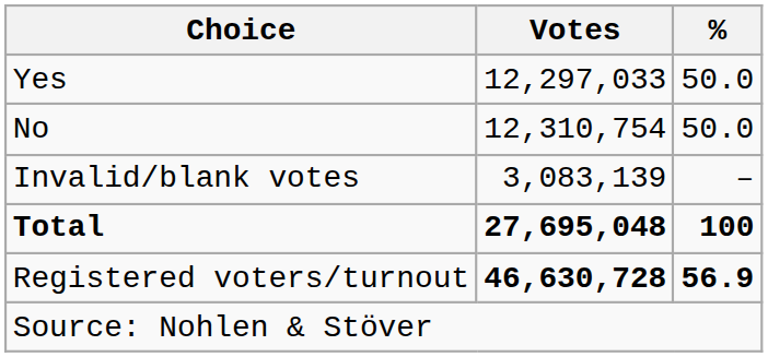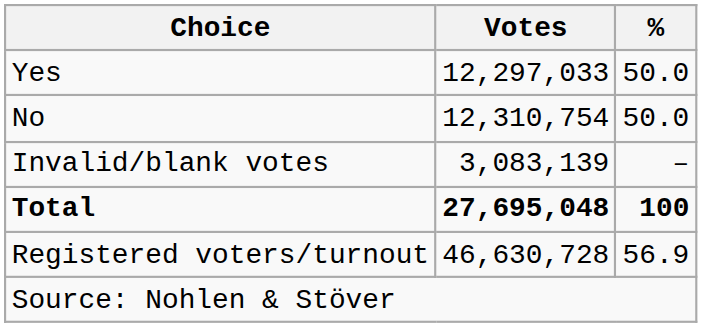 <table class=wikitable style=text-align:right>
 <tr>
 <th>Choice</th>
 <th>Votes</th>
 <th>%</th>
 </tr>
 <tr>
 <td align=left>Yes</td>
 <td>12,297,033</td>
 <td>50.0</td>
 </tr>
 <tr>
 <td align=left> No</td>
 <td>12,310,754</td>
 <td>50.0</td>
 </tr>
 <tr>
 <td align=left>Invalid/blank votes</td>
 <td>3,083,139</td>
 <td>–</td>
 </tr>
 <tr>
 <td align=left><strong>Total</strong></td>
 <td><strong>27,695,048</strong></td>
 <td><strong>100</strong></td>
 </tr>
 <tr>
 <td align=left>Registered voters/turnout</td>
-<td><strong>46,630,728</strong></td>
-<td><strong>56.9</strong></td>
+<td>46,630,728</td>
+<td>56.9</td>
 </tr>
 <tr>
 <td align=left colspan=3>Source: Nohlen & Stöver</td>
 </tr>
 </table>
